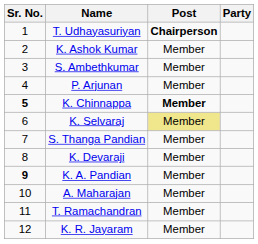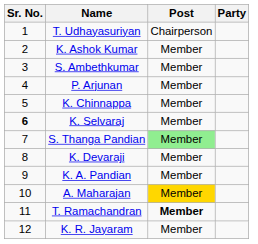 <table class="wikitable sortable">
 <tr>
 <th>Sr. No.</th>
 <th>Name</th>
 <th>Post</th>
 <th colspan="2">Party</th>
 </tr>
 <tr align="center">
 <td>1</td>
 <td><a href='#'>T. Udhayasuriyan</a></td>
-<td><strong>Chairperson</strong></td>
+<td>Chairperson</td>
 <td></td>
 </tr>
 <tr align="center">
 <td>2</td>
 <td><a href='#'>K. Ashok Kumar</a></td>
 <td>Member</td>
 <td></td>
 </tr>
 <tr align="center">
 <td>3</td>
 <td><a href='#'>S. Ambethkumar</a></td>
 <td>Member</td>
 <td></td>
 </tr>
 <tr align="center">
 <td>4</td>
 <td><a href='#'>P. Arjunan</a></td>
 <td>Member</td>
 <td></td>
 </tr>
 <tr align="center">
-<td><strong>5</strong></td>
+<td>5</td>
 <td><a href='#'>K. Chinnappa</a></td>
-<td><strong>Member</strong></td>
+<td>Member</td>
 <td></td>
 </tr>
 <tr align="center">
-<td>6</td>
+<td><strong>6</strong></td>
 <td><a href='#'>K. Selvaraj</a></td>
-<td style="background: khaki;">Member</td>
+<td>Member</td>
 <td></td>
 </tr>
 <tr align="center">
 <td>7</td>
 <td><a href='#'>S. Thanga Pandian</a></td>
-<td>Member</td>
+<td style="background: lightgreen;">Member</td>
 <td></td>
 </tr>
 <tr align="center">
 <td>8</td>
 <td><a href='#'>K. Devaraji</a></td>
 <td>Member</td>
 <td></td>
 </tr>
 <tr align="center">
-<td><strong>9</strong></td>
+<td>9</td>
 <td><a href='#'>K. A. Pandian</a></td>
 <td>Member</td>
 <td></td>
 </tr>
 <tr align="center">
 <td>10</td>
 <td><a href='#'>A. Maharajan</a></td>
-<td>Member</td>
+<td style="background: gold;">Member</td>
 <td></td>
 </tr>
 <tr align="center">
 <td>11</td>
 <td><a href='#'>T. Ramachandran</a></td>
-<td>Member</td>
+<td><strong>Member</strong></td>
 <td></td>
 </tr>
 <tr align="center">
 <td>12</td>
 <td><a href='#'>K. R. Jayaram</a></td>
 <td>Member</td>
 <td></td>
 </tr>
 </table>
